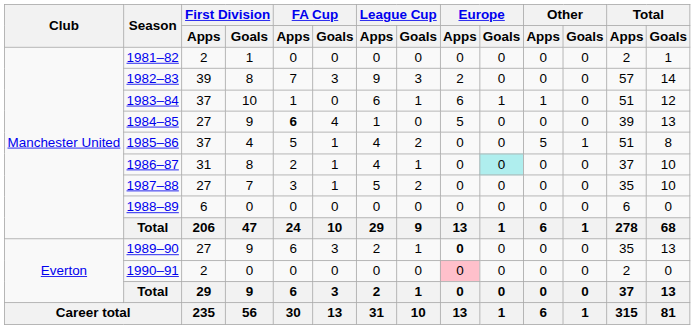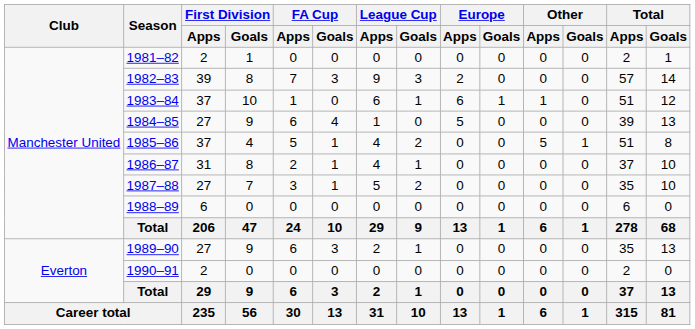 <table class=wikitable style="text-align:center">
 <tr>
 <th rowspan=2>Club</th>
 <th rowspan=2>Season</th>
 <th colspan=2><a href='#'>First Division</a></th>
 <th colspan=2><a href='#'>FA Cup</a></th>
 <th colspan=2><a href='#'>League Cup</a></th>
 <th colspan=2><a href='#'>Europe</a></th>
 <th colspan=2>Other</th>
 <th colspan=2>Total</th>
 </tr>
 <tr>
 <th>Apps</th>
 <th>Goals</th>
 <th>Apps</th>
 <th>Goals</th>
 <th>Apps</th>
 <th>Goals</th>
 <th>Apps</th>
 <th>Goals</th>
 <th>Apps</th>
 <th>Goals</th>
 <th>Apps</th>
 <th>Goals</th>
 </tr>
 <tr>
 <td rowspan=9><a href='#'>Manchester United</a></td>
 <td><a href='#'>1981–82</a></td>
 <td>2</td>
 <td>1</td>
 <td>0</td>
 <td>0</td>
 <td>0</td>
 <td>0</td>
 <td>0</td>
 <td>0</td>
 <td>0</td>
 <td>0</td>
 <td>2</td>
 <td>1</td>
 </tr>
 <tr>
 <td><a href='#'>1982–83</a></td>
 <td>39</td>
 <td>8</td>
 <td>7</td>
 <td>3</td>
 <td>9</td>
 <td>3</td>
 <td>2</td>
 <td>0</td>
 <td>0</td>
 <td>0</td>
 <td>57</td>
 <td>14</td>
 </tr>
 <tr>
 <td><a href='#'>1983–84</a></td>
 <td>37</td>
 <td>10</td>
 <td>1</td>
 <td>0</td>
 <td>6</td>
 <td>1</td>
 <td>6</td>
 <td>1</td>
 <td>1</td>
 <td>0</td>
 <td>51</td>
 <td>12</td>
 </tr>
 <tr>
 <td><a href='#'>1984–85</a></td>
 <td>27</td>
 <td>9</td>
-<td><strong>6</strong></td>
+<td>6</td>
 <td>4</td>
 <td>1</td>
 <td>0</td>
 <td>5</td>
 <td>0</td>
 <td>0</td>
 <td>0</td>
 <td>39</td>
 <td>13</td>
 </tr>
 <tr>
 <td><a href='#'>1985–86</a></td>
 <td>37</td>
 <td>4</td>
 <td>5</td>
 <td>1</td>
 <td>4</td>
 <td>2</td>
 <td>0</td>
 <td>0</td>
 <td>5</td>
 <td>1</td>
 <td>51</td>
 <td>8</td>
 </tr>
 <tr>
 <td><a href='#'>1986–87</a></td>
 <td>31</td>
 <td>8</td>
 <td>2</td>
 <td>1</td>
 <td>4</td>
 <td>1</td>
 <td>0</td>
-<td style="background: paleturquoise;">0</td>
+<td>0</td>
 <td>0</td>
 <td>0</td>
 <td>37</td>
 <td>10</td>
 </tr>
 <tr>
 <td><a href='#'>1987–88</a></td>
 <td>27</td>
 <td>7</td>
 <td>3</td>
 <td>1</td>
 <td>5</td>
 <td>2</td>
 <td>0</td>
 <td>0</td>
 <td>0</td>
 <td>0</td>
 <td>35</td>
 <td>10</td>
 </tr>
 <tr>
 <td><a href='#'>1988–89</a></td>
 <td>6</td>
 <td>0</td>
 <td>0</td>
 <td>0</td>
 <td>0</td>
 <td>0</td>
 <td>0</td>
 <td>0</td>
 <td>0</td>
 <td>0</td>
 <td>6</td>
 <td>0</td>
 </tr>
 <tr>
 <th>Total</th>
 <th>206</th>
 <th>47</th>
 <th>24</th>
 <th>10</th>
 <th>29</th>
 <th>9</th>
 <th>13</th>
 <th>1</th>
 <th>6</th>
 <th>1</th>
 <th>278</th>
 <th>68</th>
 </tr>
 <tr>
 <td rowspan=3><a href='#'>Everton</a></td>
 <td><a href='#'>1989–90</a></td>
 <td>27</td>
 <td>9</td>
 <td>6</td>
 <td>3</td>
 <td>2</td>
 <td>1</td>
-<td><strong>0</strong></td>
+<td>0</td>
 <td>0</td>
 <td>0</td>
 <td>0</td>
 <td>35</td>
 <td>13</td>
 </tr>
 <tr>
 <td><a href='#'>1990–91</a></td>
 <td>2</td>
 <td>0</td>
 <td>0</td>
 <td>0</td>
 <td>0</td>
 <td>0</td>
-<td style="background: pink;">0</td>
+<td>0</td>
 <td>0</td>
 <td>0</td>
 <td>0</td>
 <td>2</td>
 <td>0</td>
 </tr>
 <tr>
 <th>Total</th>
 <th>29</th>
 <th>9</th>
 <th>6</th>
 <th>3</th>
 <th>2</th>
 <th>1</th>
 <th>0</th>
 <th>0</th>
 <th>0</th>
 <th>0</th>
 <th>37</th>
 <th>13</th>
 </tr>
 <tr>
 <th colspan=2>Career total</th>
 <th>235</th>
 <th>56</th>
 <th>30</th>
 <th>13</th>
 <th>31</th>
 <th>10</th>
 <th>13</th>
 <th>1</th>
 <th>6</th>
 <th>1</th>
 <th>315</th>
 <th>81</th>
 </tr>
 </table>
